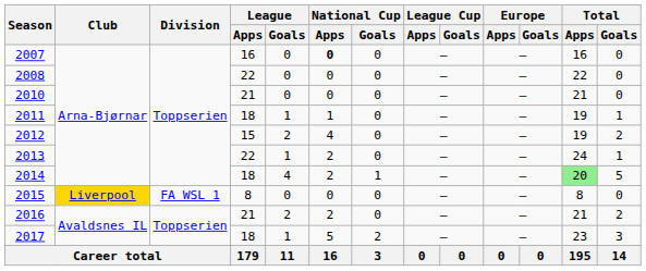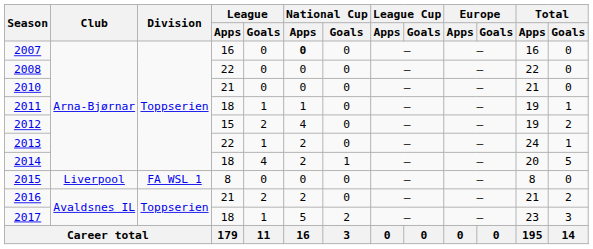 <table class="wikitable" style="text-align:center">
 <tr>
 <th rowspan="2">Season</th>
 <th rowspan="2">Club</th>
 <th rowspan="2">Division</th>
 <th colspan="2">League</th>
 <th colspan="2">National Cup</th>
 <th colspan="2">League Cup</th>
 <th colspan="2">Europe</th>
 <th colspan="2">Total</th>
 </tr>
 <tr>
 <th>Apps</th>
 <th>Goals</th>
 <th>Apps</th>
 <th>Goals</th>
 <th>Apps</th>
 <th>Goals</th>
 <th>Apps</th>
 <th>Goals</th>
 <th>Apps</th>
 <th>Goals</th>
 </tr>
 <tr>
 <td><a href='#'>2007</a></td>
 <td rowspan="7"><a href='#'>Arna-Bjørnar</a></td>
 <td rowspan="7"><a href='#'>Toppserien</a></td>
 <td>16</td>
 <td>0</td>
 <td><strong>0</strong></td>
 <td>0</td>
 <td colspan="2">—</td>
 <td colspan="2">—</td>
 <td>16</td>
 <td>0</td>
 </tr>
 <tr>
 <td><a href='#'>2008</a></td>
 <td>22</td>
 <td>0</td>
 <td>0</td>
 <td>0</td>
 <td colspan="2">—</td>
 <td colspan="2">—</td>
 <td>22</td>
 <td>0</td>
 </tr>
 <tr>
 <td><a href='#'>2010</a></td>
 <td>21</td>
 <td>0</td>
 <td>0</td>
 <td>0</td>
 <td colspan="2">—</td>
 <td colspan="2">—</td>
 <td>21</td>
 <td>0</td>
 </tr>
 <tr>
 <td><a href='#'>2011</a></td>
 <td>18</td>
 <td>1</td>
 <td>1</td>
 <td>0</td>
 <td colspan="2">—</td>
 <td colspan="2">—</td>
 <td>19</td>
 <td>1</td>
 </tr>
 <tr>
 <td><a href='#'>2012</a></td>
 <td>15</td>
 <td>2</td>
 <td>4</td>
 <td>0</td>
 <td colspan="2">—</td>
 <td colspan="2">—</td>
 <td>19</td>
 <td>2</td>
 </tr>
 <tr>
 <td><a href='#'>2013</a></td>
 <td>22</td>
 <td>1</td>
 <td>2</td>
 <td>0</td>
 <td colspan="2">—</td>
 <td colspan="2">—</td>
 <td>24</td>
 <td>1</td>
 </tr>
 <tr>
 <td><a href='#'>2014</a></td>
 <td>18</td>
 <td>4</td>
 <td>2</td>
 <td>1</td>
 <td colspan="2">—</td>
 <td colspan="2">—</td>
-<td style="background: lightgreen;">20</td>
+<td>20</td>
 <td>5</td>
 </tr>
 <tr>
 <td><a href='#'>2015</a></td>
-<td rowspan="1" style="background: gold;"><a href='#'>Liverpool</a></td>
+<td rowspan="1"><a href='#'>Liverpool</a></td>
 <td rowspan="1"><a href='#'>FA WSL 1</a></td>
 <td>8</td>
 <td>0</td>
 <td>0</td>
 <td>0</td>
 <td colspan="2">—</td>
 <td colspan="2">—</td>
 <td>8</td>
 <td>0</td>
 </tr>
 <tr>
 <td><a href='#'>2016</a></td>
 <td rowspan="2"><a href='#'>Avaldsnes IL</a></td>
 <td rowspan="2"><a href='#'>Toppserien</a></td>
 <td>21</td>
 <td>2</td>
 <td>2</td>
 <td>0</td>
 <td colspan="2">—</td>
 <td colspan="2">—</td>
 <td>21</td>
 <td>2</td>
 </tr>
 <tr>
 <td><a href='#'>2017</a></td>
 <td>18</td>
 <td>1</td>
 <td>5</td>
 <td>2</td>
 <td colspan="2">—</td>
 <td colspan="2">—</td>
 <td>23</td>
 <td>3</td>
 </tr>
 <tr>
 <th colspan="3">Career total</th>
 <th>179</th>
 <th>11</th>
 <th>16</th>
 <th>3</th>
 <th>0</th>
 <th>0</th>
 <th>0</th>
 <th>0</th>
 <th>195</th>
 <th>14</th>
 </tr>
 </table>
